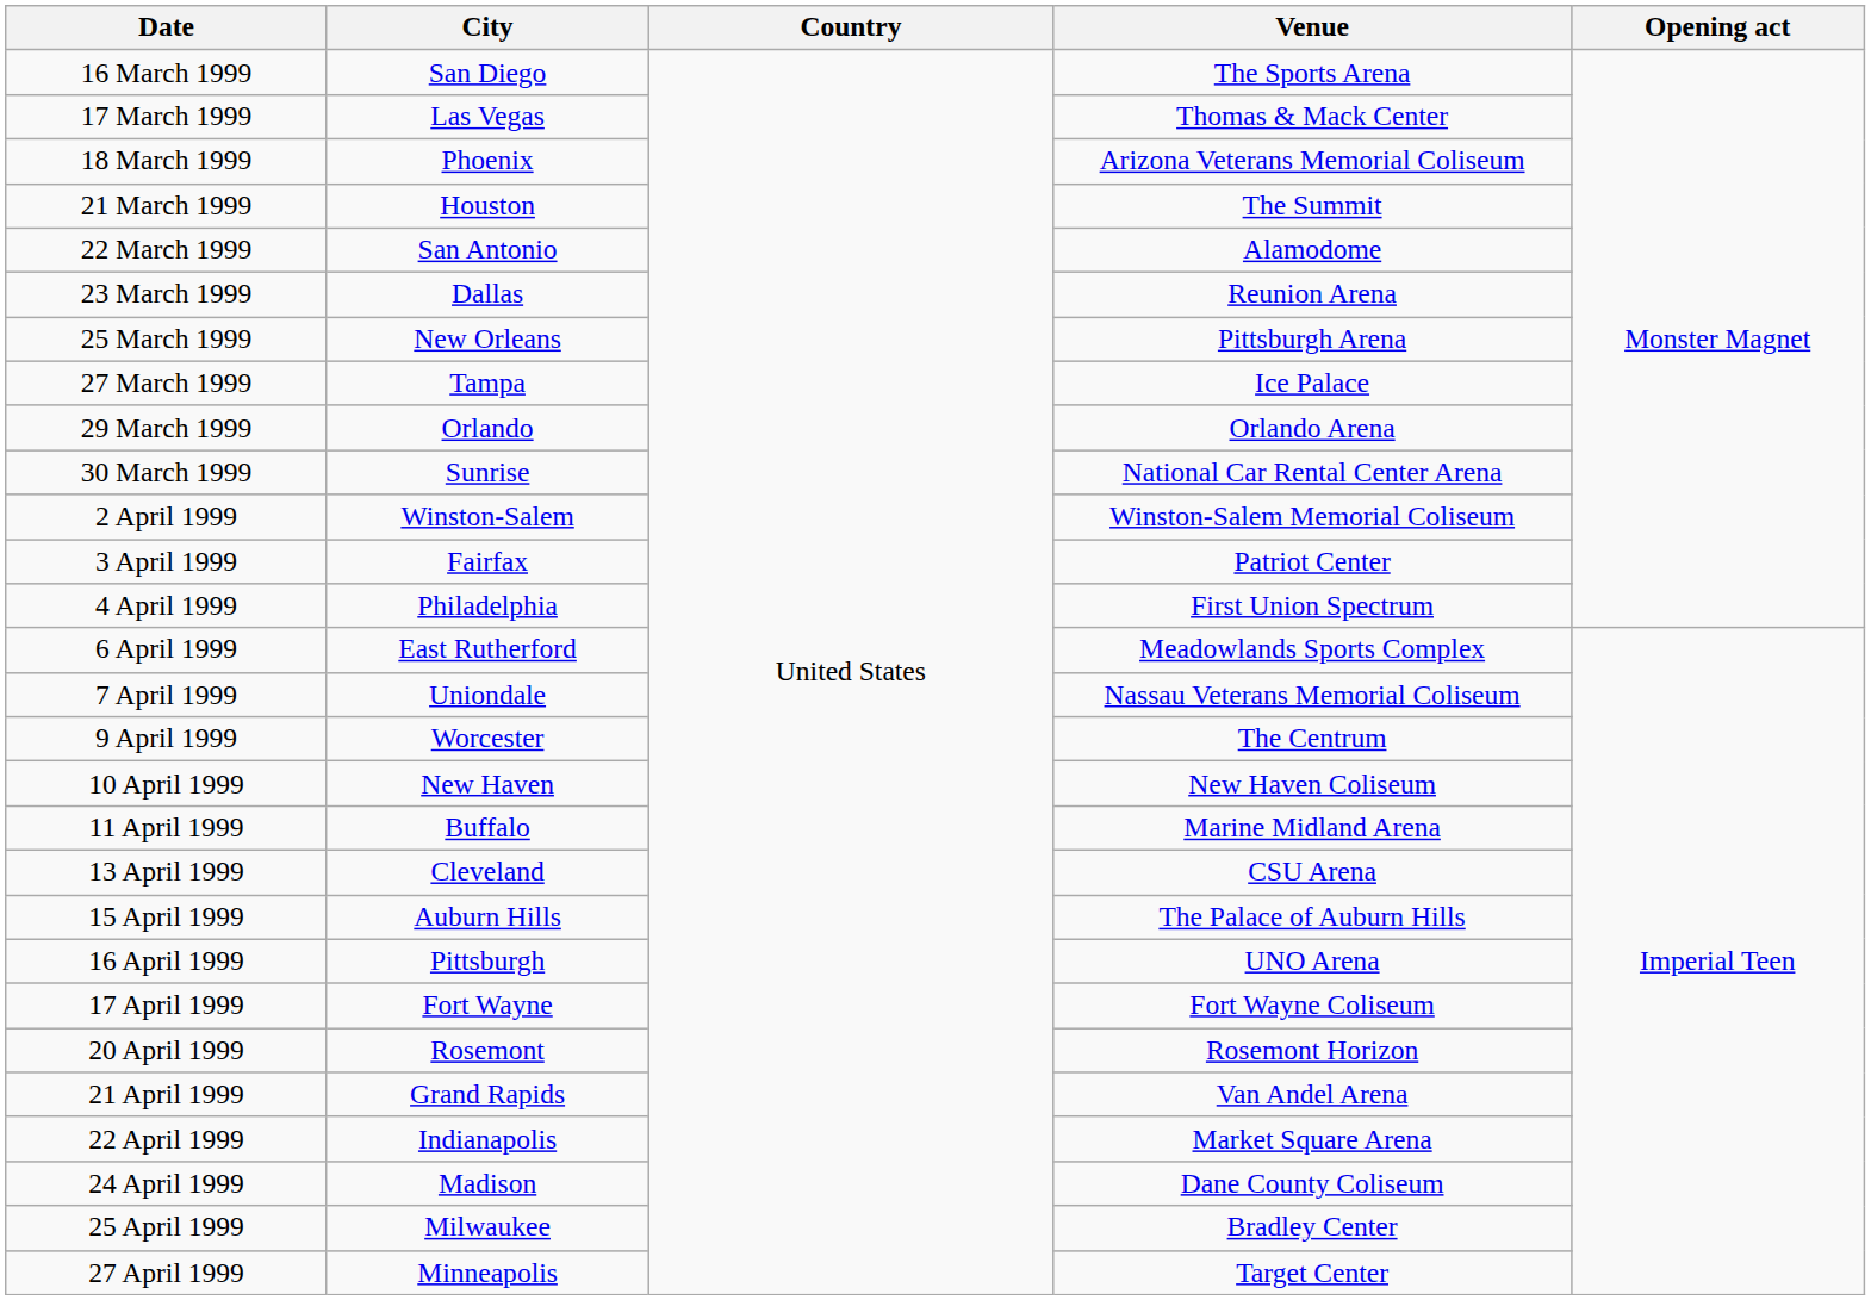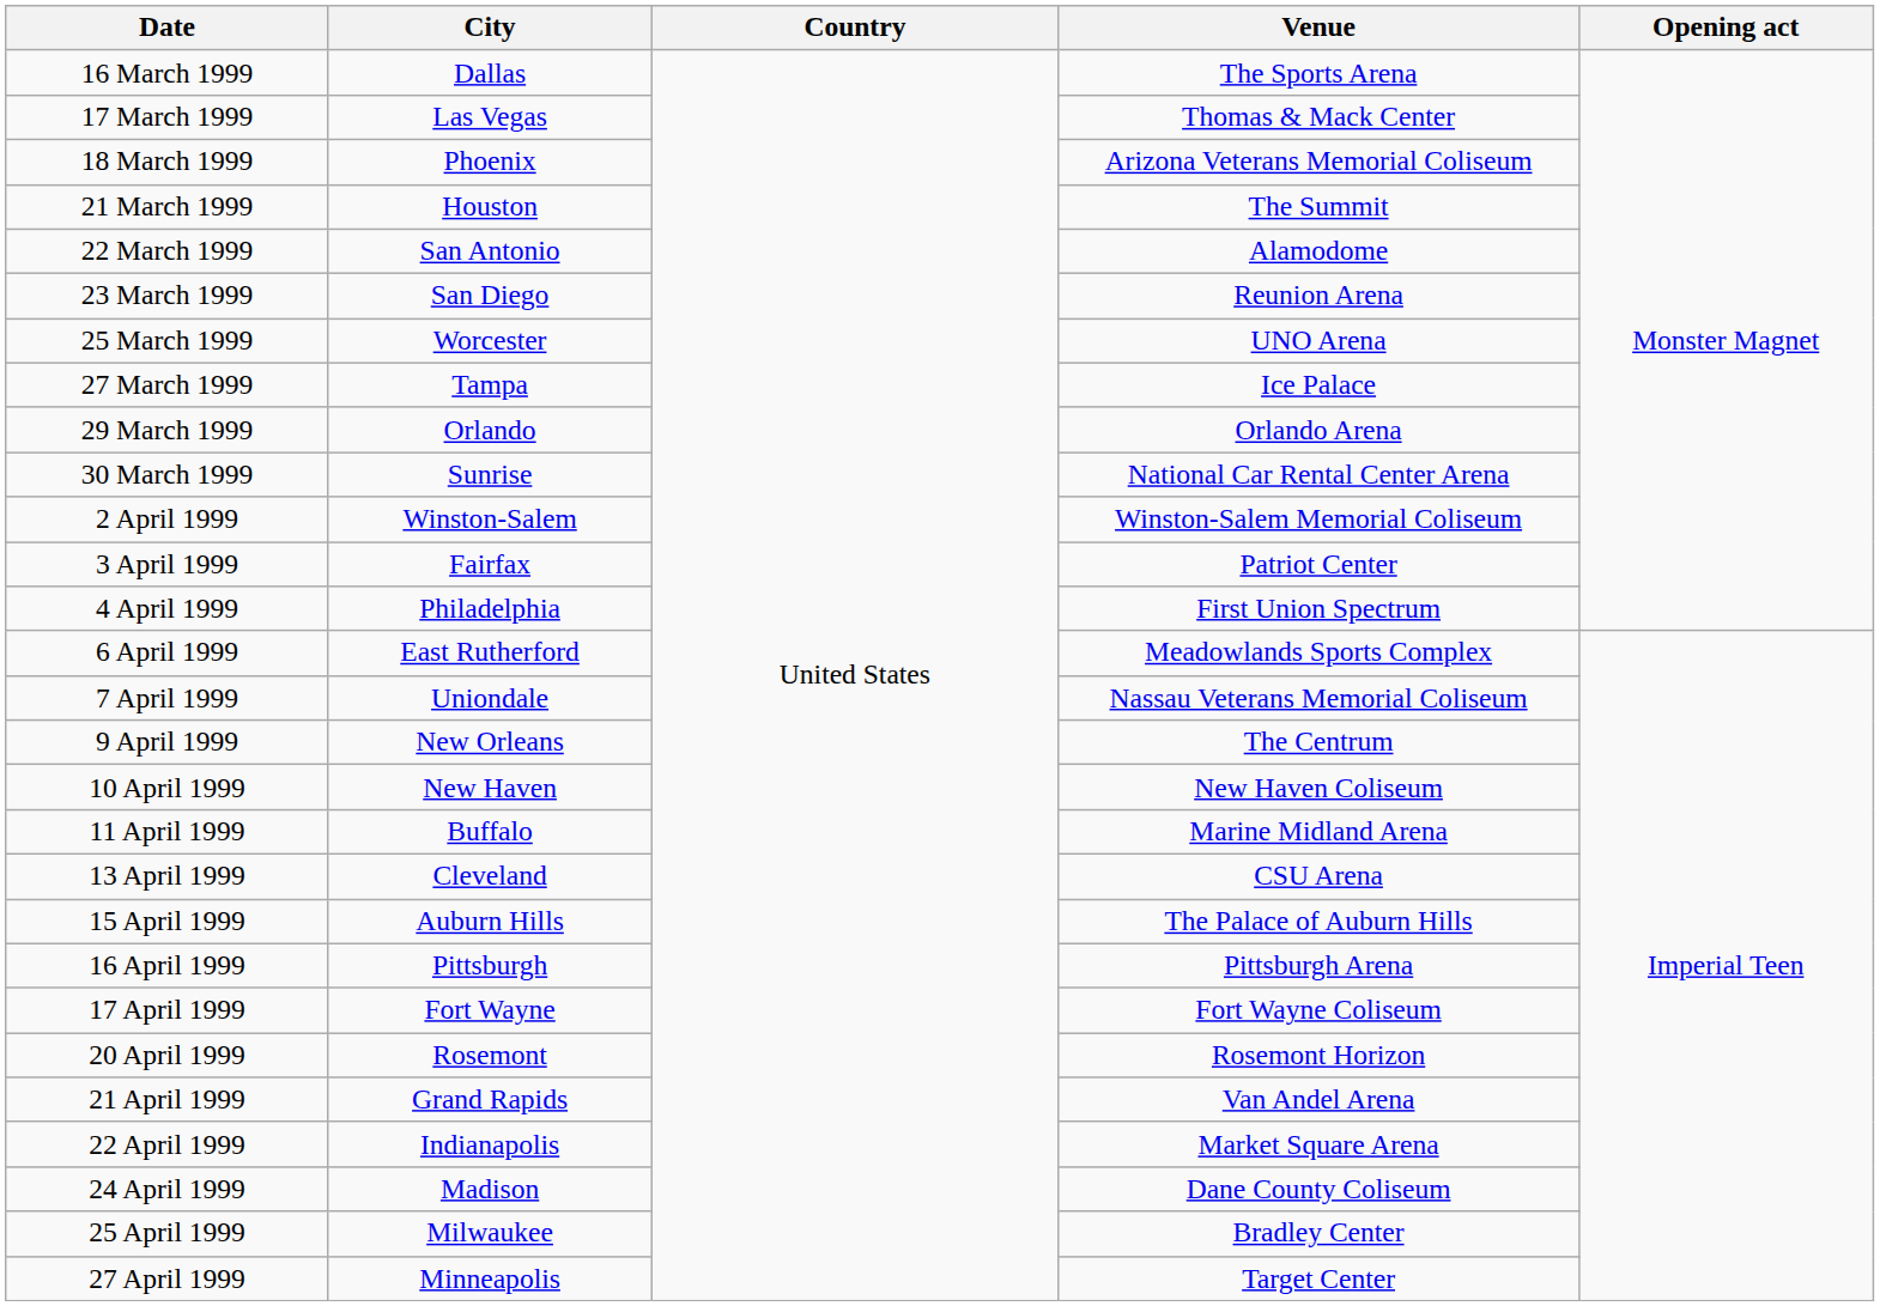 <table class="wikitable" style="text-align:center;">
 <tr>
 <th scope="col" style="width:11em;">Date</th>
 <th scope="col" style="width:11em;">City</th>
 <th scope="col" style="width:14em;">Country</th>
 <th scope="col" style="width:18em;">Venue</th>
 <th scope="col" style="width:10em;">Opening act</th>
 </tr>
 <tr>
 <td>16 March 1999</td>
-<td><a href='#'>San Diego</a></td>
+<td><a href='#'>Dallas</a></td>
 <td rowspan="28">United States</td>
 <td><a href='#'>The Sports Arena</a></td>
 <td rowspan="13"><a href='#'>Monster Magnet</a></td>
 </tr>
 <tr>
 <td>17 March 1999</td>
 <td><a href='#'>Las Vegas</a></td>
 <td><a href='#'>Thomas & Mack Center</a></td>
 </tr>
 <tr>
 <td>18 March 1999</td>
 <td><a href='#'>Phoenix</a></td>
 <td><a href='#'>Arizona Veterans Memorial Coliseum</a></td>
 </tr>
 <tr>
 <td>21 March 1999</td>
 <td><a href='#'>Houston</a></td>
 <td><a href='#'>The Summit</a></td>
 </tr>
 <tr>
 <td>22 March 1999</td>
 <td><a href='#'>San Antonio</a></td>
 <td><a href='#'>Alamodome</a></td>
 </tr>
 <tr>
 <td>23 March 1999</td>
-<td><a href='#'>Dallas</a></td>
+<td><a href='#'>San Diego</a></td>
 <td><a href='#'>Reunion Arena</a></td>
 </tr>
 <tr>
 <td>25 March 1999</td>
-<td><a href='#'>New Orleans</a></td>
-<td><a href='#'>Pittsburgh Arena</a></td>
+<td><a href='#'>Worcester</a></td>
+<td><a href='#'>UNO Arena</a></td>
 </tr>
 <tr>
 <td>27 March 1999</td>
 <td><a href='#'>Tampa</a></td>
 <td><a href='#'>Ice Palace</a></td>
 </tr>
 <tr>
 <td>29 March 1999</td>
 <td><a href='#'>Orlando</a></td>
 <td><a href='#'>Orlando Arena</a></td>
 </tr>
 <tr>
 <td>30 March 1999</td>
 <td><a href='#'>Sunrise</a></td>
 <td><a href='#'>National Car Rental Center Arena</a></td>
 </tr>
 <tr>
 <td>2 April 1999</td>
 <td><a href='#'>Winston-Salem</a></td>
 <td><a href='#'>Winston-Salem Memorial Coliseum</a></td>
 </tr>
 <tr>
 <td>3 April 1999</td>
 <td><a href='#'>Fairfax</a></td>
 <td><a href='#'>Patriot Center</a></td>
 </tr>
 <tr>
 <td>4 April 1999</td>
 <td><a href='#'>Philadelphia</a></td>
 <td><a href='#'>First Union Spectrum</a></td>
 </tr>
 <tr>
 <td>6 April 1999</td>
 <td><a href='#'>East Rutherford</a></td>
 <td><a href='#'>Meadowlands Sports Complex</a></td>
 <td rowspan="15"><a href='#'>Imperial Teen</a></td>
 </tr>
 <tr>
 <td>7 April 1999</td>
 <td><a href='#'>Uniondale</a></td>
 <td><a href='#'>Nassau Veterans Memorial Coliseum</a></td>
 </tr>
 <tr>
 <td>9 April 1999</td>
-<td><a href='#'>Worcester</a></td>
+<td><a href='#'>New Orleans</a></td>
 <td><a href='#'>The Centrum</a></td>
 </tr>
 <tr>
 <td>10 April 1999</td>
 <td><a href='#'>New Haven</a></td>
 <td><a href='#'>New Haven Coliseum</a></td>
 </tr>
 <tr>
 <td>11 April 1999</td>
 <td><a href='#'>Buffalo</a></td>
 <td><a href='#'>Marine Midland Arena</a></td>
 </tr>
 <tr>
 <td>13 April 1999</td>
 <td><a href='#'>Cleveland</a></td>
 <td><a href='#'>CSU Arena</a></td>
 </tr>
 <tr>
 <td>15 April 1999</td>
 <td><a href='#'>Auburn Hills</a></td>
 <td><a href='#'>The Palace of Auburn Hills</a></td>
 </tr>
 <tr>
 <td>16 April 1999</td>
 <td><a href='#'>Pittsburgh</a></td>
-<td><a href='#'>UNO Arena</a></td>
+<td><a href='#'>Pittsburgh Arena</a></td>
 </tr>
 <tr>
 <td>17 April 1999</td>
 <td><a href='#'>Fort Wayne</a></td>
 <td><a href='#'>Fort Wayne Coliseum</a></td>
 </tr>
 <tr>
 <td>20 April 1999</td>
 <td><a href='#'>Rosemont</a></td>
 <td><a href='#'>Rosemont Horizon</a></td>
 </tr>
 <tr>
 <td>21 April 1999</td>
 <td><a href='#'>Grand Rapids</a></td>
 <td><a href='#'>Van Andel Arena</a></td>
 </tr>
 <tr>
 <td>22 April 1999</td>
 <td><a href='#'>Indianapolis</a></td>
 <td><a href='#'>Market Square Arena</a></td>
 </tr>
 <tr>
 <td>24 April 1999</td>
 <td><a href='#'>Madison</a></td>
 <td><a href='#'>Dane County Coliseum</a></td>
 </tr>
 <tr>
 <td>25 April 1999</td>
 <td><a href='#'>Milwaukee</a></td>
 <td><a href='#'>Bradley Center</a></td>
 </tr>
 <tr>
 <td>27 April 1999</td>
 <td><a href='#'>Minneapolis</a></td>
 <td><a href='#'>Target Center</a></td>
 </tr>
 </table>
